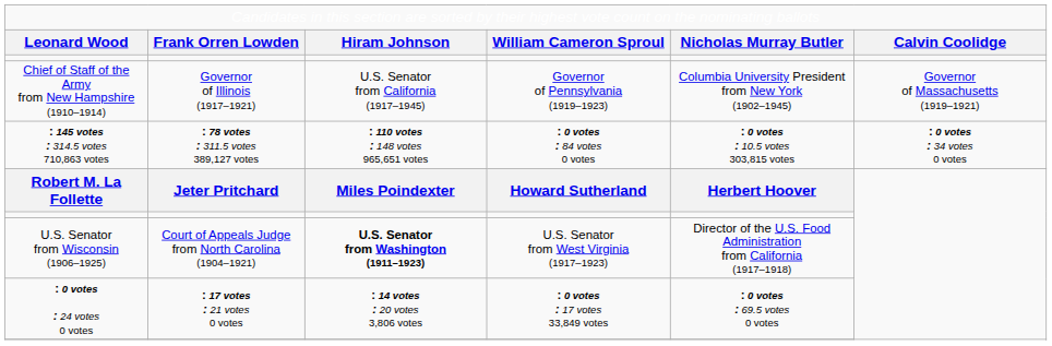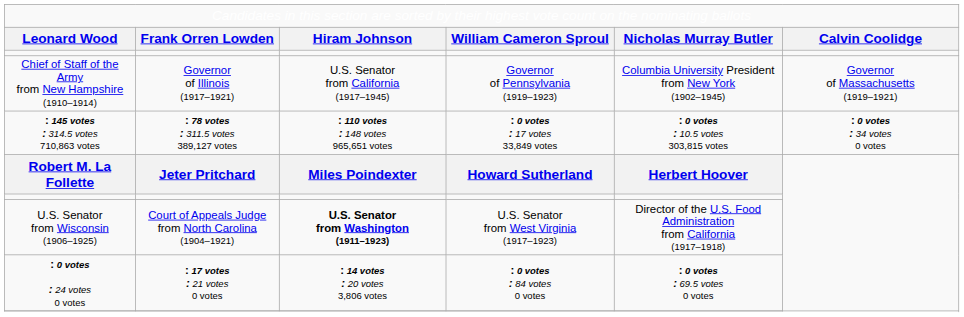 <table class="wikitable" style="font-size:90%">
 <tr>
 <td colspan="7" style="text-align:center; width:1200px; font-size:120%; color:white; background:"><em>Candidates in this section are sorted by their highest vote count on the nominating ballots</em></td>
 </tr>
 <tr>
 <th scope="col" style="width:3em; font-size:120%;"><a href='#'>Leonard Wood</a></th>
 <th scope="col" style="width:3em; font-size:120%;"><a href='#'>Frank Orren Lowden</a></th>
 <th scope="col" style="width:3em; font-size:120%;"><a href='#'>Hiram Johnson</a></th>
 <th scope="col" style="width:3em; font-size:120%;"><a href='#'>William Cameron Sproul</a></th>
 <th scope="col" style="width:3em; font-size:120%;"><a href='#'>Nicholas Murray Butler</a></th>
 <th scope="col" style="width:3em; font-size:120%;"><a href='#'>Calvin Coolidge</a></th>
 </tr>
 <tr>
 <td></td>
 <td></td>
 <td></td>
 <td></td>
 <td></td>
 <td></td>
 </tr>
 <tr style="text-align:center">
 <td><a href='#'>Chief of Staff of the Army</a><br>from <a href='#'>New Hampshire</a><br><small>(1910–1914)</small></td>
 <td><a href='#'>Governor</a><br>of <a href='#'>Illinois</a><br><small>(1917–1921)</small></td>
 <td>U.S. Senator<br>from <a href='#'>California</a><br><small>(1917–1945)</small></td>
 <td><a href='#'>Governor</a><br>of <a href='#'>Pennsylvania</a><br><small>(1919–1923)</small></td>
 <td><a href='#'>Columbia University</a> President<br>from <a href='#'>New York</a><br><small>(1902–1945)</small></td>
 <td><a href='#'>Governor</a><br>of <a href='#'>Massachusetts</a><br><small>(1919–1921)</small></td>
 </tr>
 <tr style="text-align:center">
 <td><strong>:<strong><em><small> 145 votes</small><em><br></strong>:</em></strong><small> 314.5 votes</small></em><br><small>710,863 votes</small></td>
 <td><strong>:<strong><em><small> 78 votes</small><em><br></strong>:</em></strong><small> 311.5 votes</small></em><br><small>389,127 votes</small></td>
 <td><strong>:<strong><em><small> 110 votes</small><em><br></strong>:</em></strong><small> 148 votes</small></em><br><small>965,651 votes</small></td>
-<td><strong>:<strong><em><small> 0 votes</small><em><br></strong>:</em></strong><small> 84 votes</small></em><br><small>0 votes</small></td>
+<td><strong>:<strong><em><small> 0 votes</small><em><br></strong>:</em></strong><small> 17 votes</small></em><br><small>33,849 votes</small></td>
 <td><strong>:<strong><em><small> 0 votes</small><em><br></strong>:</em></strong><small> 10.5 votes</small></em><br><small>303,815 votes</small></td>
 <td><strong>:<strong><em><small> 0 votes</small><em><br></strong>:</em></strong><small> 34 votes</small></em><br><small>0 votes</small></td>
 </tr>
 <tr>
 <th scope="col" style="width:3em; font-size:120%;"><a href='#'>Robert M. La Follette</a></th>
 <th scope="col" style="width:3em; font-size:120%;"><a href='#'>Jeter Pritchard</a></th>
 <th scope="col" style="width:3em; font-size:120%;"><a href='#'>Miles Poindexter</a></th>
 <th scope="col" style="width:3em; font-size:120%;"><a href='#'>Howard Sutherland</a></th>
 <th scope="col" style="width:3em; font-size:120%;"><a href='#'>Herbert Hoover</a></th>
 </tr>
 <tr>
 <td></td>
 <td></td>
 <td></td>
 <td></td>
 <td></td>
 </tr>
 <tr style="text-align:center">
 <td>U.S. Senator<br>from <a href='#'>Wisconsin</a><br><small>(1906–1925)</small></td>
 <td><a href='#'>Court of Appeals Judge</a><br>from <a href='#'>North Carolina</a><br><small>(1904–1921)</small></td>
 <td><strong>U.S. Senator<br>from <a href='#'>Washington</a><br><small>(1911–1923)</small></strong></td>
 <td>U.S. Senator<br>from <a href='#'>West Virginia</a><br><small>(1917–1923)</small></td>
 <td>Director of the <a href='#'>U.S. Food Administration</a><br>from <a href='#'>California</a><br><small>(1917–1918)</small></td>
 </tr>
 <tr style="text-align:center">
 <td><strong>:<strong><em><small> 0 votes</small><em><br></strong><strong><br></strong>:</em></strong><small> 24 votes</small></em><br><small>0 votes</small></td>
 <td><strong>:<strong><em><small> 17 votes</small><em><br></strong>:</em></strong><small> 21 votes</small></em><br><small>0 votes</small></td>
 <td><strong>:<strong><em><small> 14 votes</small><em><br></strong>:</em></strong><small> 20 votes</small></em><br><small>3,806 votes</small></td>
-<td><strong>:<strong><em><small> 0 votes</small><em><br></strong>:</em></strong><small> 17 votes</small></em><br><small>33,849 votes</small></td>
+<td><strong>:<strong><em><small> 0 votes</small><em><br></strong>:</em></strong><small> 84 votes</small></em><br><small>0 votes</small></td>
 <td><strong>:<strong><em><small> 0 votes</small><em><br></strong>:</em></strong><small> 69.5 votes</small></em><br><small>0 votes</small></td>
 </tr>
 <tr>
 </tr>
 </table>
